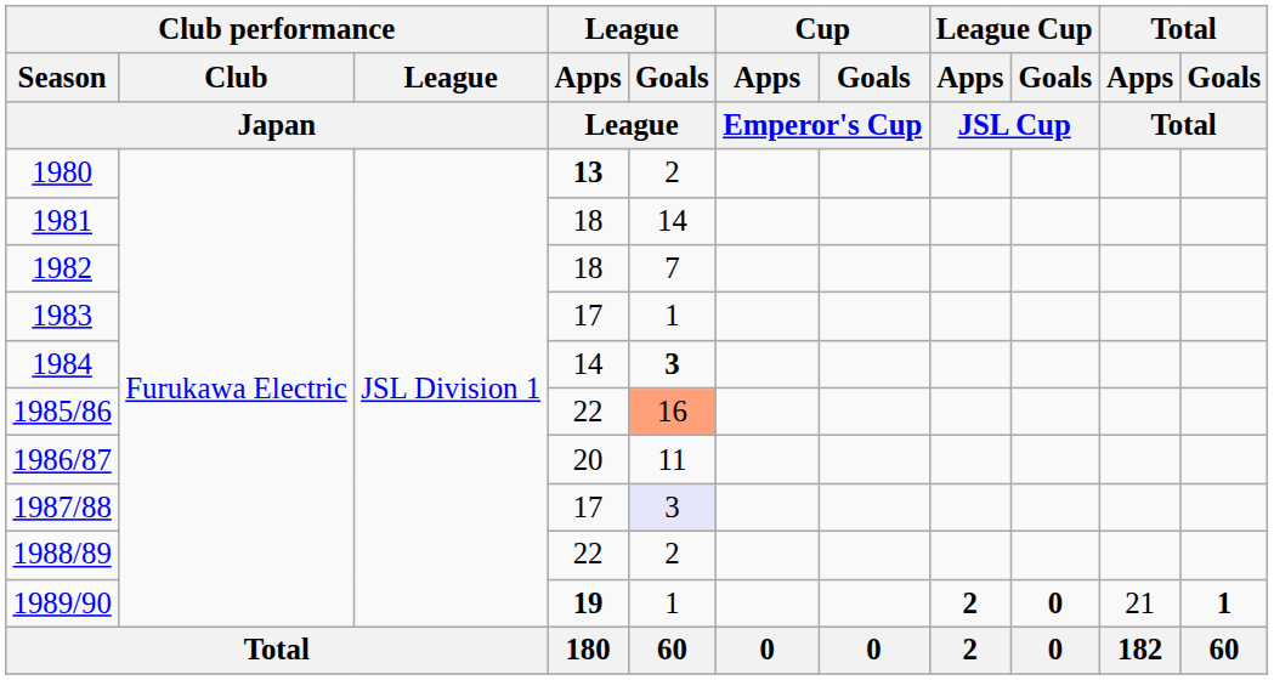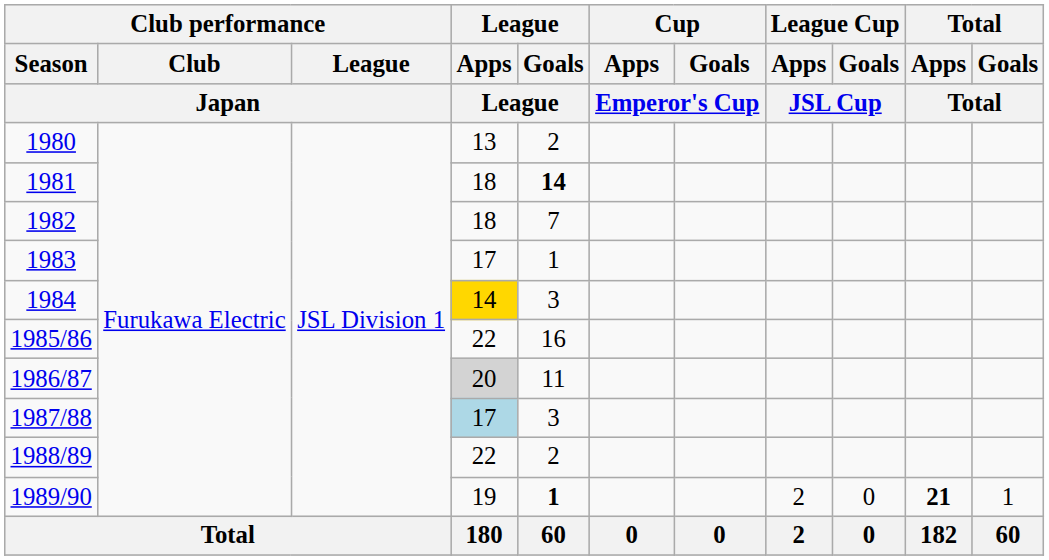 <table class="wikitable" style="text-align:center;">
 <tr>
 <th colspan=3>Club performance</th>
 <th colspan=2>League</th>
 <th colspan=2>Cup</th>
 <th colspan=2>League Cup</th>
 <th colspan=2>Total</th>
 </tr>
 <tr>
 <th>Season</th>
 <th>Club</th>
 <th>League</th>
 <th>Apps</th>
 <th>Goals</th>
 <th>Apps</th>
 <th>Goals</th>
 <th>Apps</th>
 <th>Goals</th>
 <th>Apps</th>
 <th>Goals</th>
 </tr>
 <tr>
 <th colspan=3>Japan</th>
 <th colspan=2>League</th>
 <th colspan=2><a href='#'>Emperor's Cup</a></th>
 <th colspan=2><a href='#'>JSL Cup</a></th>
 <th colspan=2>Total</th>
 </tr>
 <tr>
 <td><a href='#'>1980</a></td>
 <td rowspan="10"><a href='#'>Furukawa Electric</a></td>
 <td rowspan="10"><a href='#'>JSL Division 1</a></td>
-<td><strong>13</strong></td>
+<td>13</td>
 <td>2</td>
 <td></td>
 <td></td>
 <td></td>
 <td></td>
 <td></td>
 <td></td>
 </tr>
 <tr>
 <td><a href='#'>1981</a></td>
 <td>18</td>
-<td>14</td>
+<td><strong>14</strong></td>
 <td></td>
 <td></td>
 <td></td>
 <td></td>
 <td></td>
 <td></td>
 </tr>
 <tr>
 <td><a href='#'>1982</a></td>
 <td>18</td>
 <td>7</td>
 <td></td>
 <td></td>
 <td></td>
 <td></td>
 <td></td>
 <td></td>
 </tr>
 <tr>
 <td><a href='#'>1983</a></td>
 <td>17</td>
 <td>1</td>
 <td></td>
 <td></td>
 <td></td>
 <td></td>
 <td></td>
 <td></td>
 </tr>
 <tr>
 <td><a href='#'>1984</a></td>
-<td>14</td>
-<td><strong>3</strong></td>
+<td style="background: gold;">14</td>
+<td>3</td>
 <td></td>
 <td></td>
 <td></td>
 <td></td>
 <td></td>
 <td></td>
 </tr>
 <tr>
 <td><a href='#'>1985/86</a></td>
 <td>22</td>
-<td style="background: lightsalmon;">16</td>
+<td>16</td>
 <td></td>
 <td></td>
 <td></td>
 <td></td>
 <td></td>
 <td></td>
 </tr>
 <tr>
 <td><a href='#'>1986/87</a></td>
-<td>20</td>
+<td style="background: lightgrey;">20</td>
 <td>11</td>
 <td></td>
 <td></td>
 <td></td>
 <td></td>
 <td></td>
 <td></td>
 </tr>
 <tr>
 <td><a href='#'>1987/88</a></td>
-<td>17</td>
-<td style="background: lavender;">3</td>
+<td style="background: lightblue;">17</td>
+<td>3</td>
 <td></td>
 <td></td>
 <td></td>
 <td></td>
 <td></td>
 <td></td>
 </tr>
 <tr>
 <td><a href='#'>1988/89</a></td>
 <td>22</td>
 <td>2</td>
 <td></td>
 <td></td>
 <td></td>
 <td></td>
 <td></td>
 <td></td>
 </tr>
 <tr>
 <td><a href='#'>1989/90</a></td>
-<td><strong>19</strong></td>
-<td>1</td>
+<td>19</td>
+<td><strong>1</strong></td>
 <td></td>
 <td></td>
-<td><strong>2</strong></td>
-<td><strong>0</strong></td>
-<td>21</td>
-<td><strong>1</strong></td>
+<td>2</td>
+<td>0</td>
+<td><strong>21</strong></td>
+<td>1</td>
 </tr>
 <tr>
 <th colspan=3>Total</th>
 <th>180</th>
 <th>60</th>
 <th>0</th>
 <th>0</th>
 <th>2</th>
 <th>0</th>
 <th>182</th>
 <th>60</th>
 </tr>
 </table>
